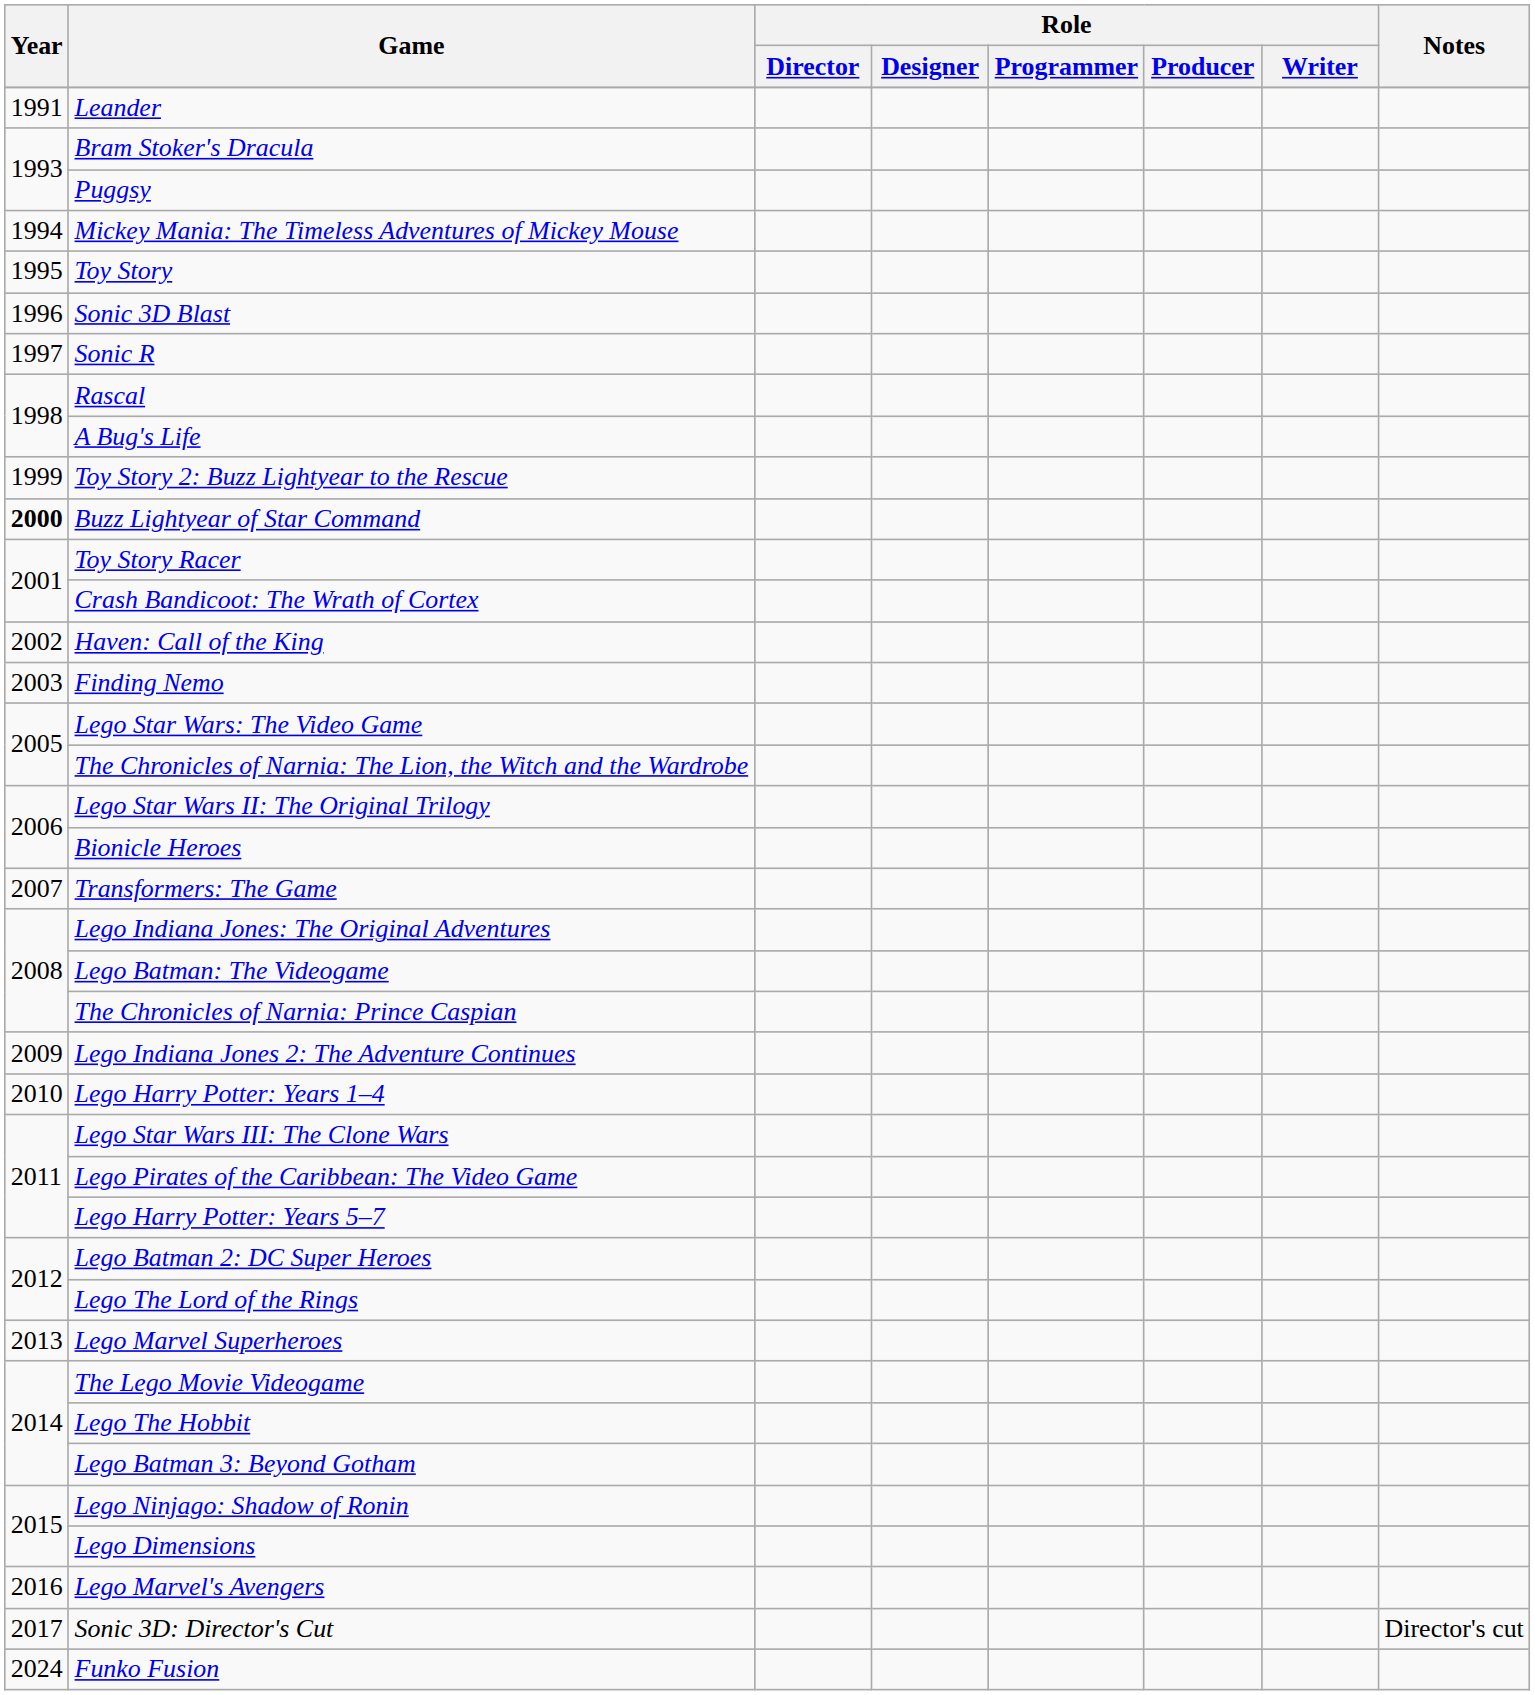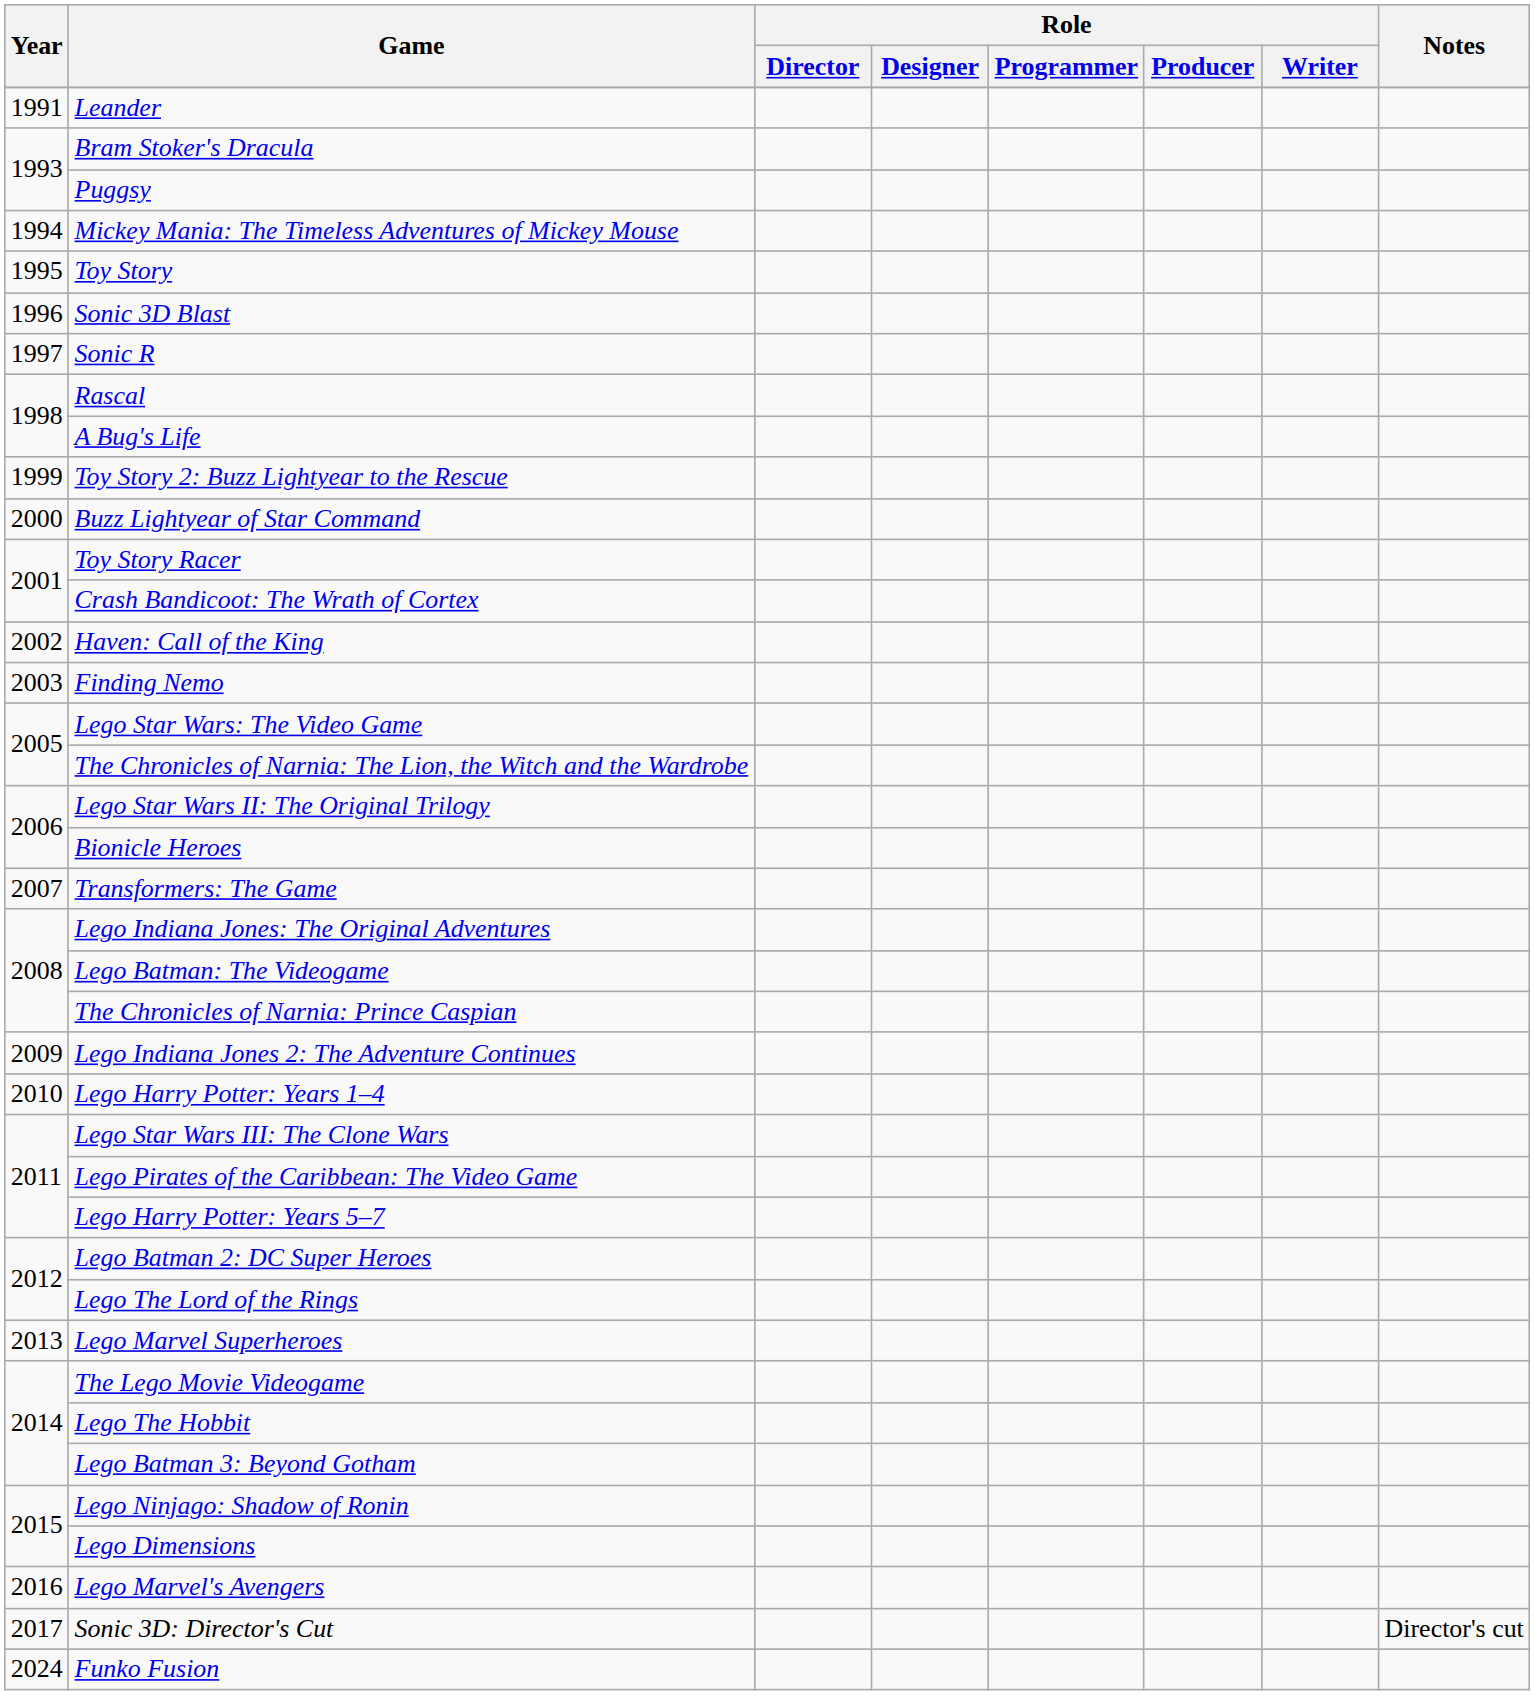 <table class="wikitable sortable">
 <tr>
 <th scope="col" rowspan="2">Year</th>
 <th scope="col" rowspan="2">Game</th>
 <th scope="col" colspan="5">Role</th>
 <th scope="col" rowspan="2" class="unsortable">Notes</th>
 </tr>
 <tr>
 <th width="65"><a href='#'>Director</a></th>
 <th width="65"><a href='#'>Designer</a></th>
 <th width="65"><a href='#'>Programmer</a></th>
 <th width="65"><a href='#'>Producer</a></th>
 <th width="65"><a href='#'>Writer</a></th>
 </tr>
 <tr>
 </tr>
 <tr>
 <td>1991</td>
 <td><em><a href='#'>Leander</a></em></td>
 <td></td>
 <td></td>
 <td></td>
 <td></td>
 <td></td>
 <td></td>
 </tr>
 <tr>
 <td rowspan=2>1993</td>
 <td><em><a href='#'>Bram Stoker's Dracula</a></em></td>
 <td></td>
 <td></td>
 <td></td>
 <td></td>
 <td></td>
 <td></td>
 </tr>
 <tr>
 <td><em><a href='#'>Puggsy</a></em></td>
 <td></td>
 <td></td>
 <td></td>
 <td></td>
 <td></td>
 <td></td>
 </tr>
 <tr>
 <td>1994</td>
 <td><em><a href='#'>Mickey Mania: The Timeless Adventures of Mickey Mouse</a></em></td>
 <td></td>
 <td></td>
 <td></td>
 <td></td>
 <td></td>
 <td></td>
 </tr>
 <tr>
 <td>1995</td>
 <td><em><a href='#'>Toy Story</a></em></td>
 <td></td>
 <td></td>
 <td></td>
 <td></td>
 <td></td>
 <td></td>
 </tr>
 <tr>
 <td>1996</td>
 <td><em><a href='#'>Sonic 3D Blast</a></em></td>
 <td></td>
 <td></td>
 <td></td>
 <td></td>
 <td></td>
 <td></td>
 </tr>
 <tr>
 <td>1997</td>
 <td><em><a href='#'>Sonic R</a></em></td>
 <td></td>
 <td></td>
 <td></td>
 <td></td>
 <td></td>
 <td></td>
 </tr>
 <tr>
 <td rowspan=2>1998</td>
 <td><em><a href='#'>Rascal</a></em></td>
 <td></td>
 <td></td>
 <td></td>
 <td></td>
 <td></td>
 <td></td>
 </tr>
 <tr>
 <td><em><a href='#'>A Bug's Life</a></em></td>
 <td></td>
 <td></td>
 <td></td>
 <td></td>
 <td></td>
 <td></td>
 </tr>
 <tr>
 <td>1999</td>
 <td><em><a href='#'>Toy Story 2: Buzz Lightyear to the Rescue</a></em></td>
 <td></td>
 <td></td>
 <td></td>
 <td></td>
 <td></td>
 <td></td>
 </tr>
 <tr>
-<td><strong>2000</strong></td>
+<td>2000</td>
 <td><em><a href='#'>Buzz Lightyear of Star Command</a></em></td>
 <td></td>
 <td></td>
 <td></td>
 <td></td>
 <td></td>
 <td></td>
 </tr>
 <tr>
 <td rowspan=2>2001</td>
 <td><em><a href='#'>Toy Story Racer</a></em></td>
 <td></td>
 <td></td>
 <td></td>
 <td></td>
 <td></td>
 <td></td>
 </tr>
 <tr>
 <td><em><a href='#'>Crash Bandicoot: The Wrath of Cortex</a></em></td>
 <td></td>
 <td></td>
 <td></td>
 <td></td>
 <td></td>
 <td></td>
 </tr>
 <tr>
 <td>2002</td>
 <td><em><a href='#'>Haven: Call of the King</a></em></td>
 <td></td>
 <td></td>
 <td></td>
 <td></td>
 <td></td>
 <td></td>
 </tr>
 <tr>
 <td>2003</td>
 <td><em><a href='#'>Finding Nemo</a></em></td>
 <td></td>
 <td></td>
 <td></td>
 <td></td>
 <td></td>
 <td></td>
 </tr>
 <tr>
 <td rowspan=2>2005</td>
 <td><em><a href='#'>Lego Star Wars: The Video Game</a></em></td>
 <td></td>
 <td></td>
 <td></td>
 <td></td>
 <td></td>
 <td></td>
 </tr>
 <tr>
 <td><em><a href='#'>The Chronicles of Narnia: The Lion, the Witch and the Wardrobe</a></em></td>
 <td></td>
 <td></td>
 <td></td>
 <td></td>
 <td></td>
 <td></td>
 </tr>
 <tr>
 <td rowspan=2>2006</td>
 <td><em><a href='#'>Lego Star Wars II: The Original Trilogy</a></em></td>
 <td></td>
 <td></td>
 <td></td>
 <td></td>
 <td></td>
 <td></td>
 </tr>
 <tr>
 <td><em><a href='#'>Bionicle Heroes</a></em></td>
 <td></td>
 <td></td>
 <td></td>
 <td></td>
 <td></td>
 <td></td>
 </tr>
 <tr>
 <td>2007</td>
 <td><em><a href='#'>Transformers: The Game</a></em></td>
 <td></td>
 <td></td>
 <td></td>
 <td></td>
 <td></td>
 <td></td>
 </tr>
 <tr>
 <td rowspan=3>2008</td>
 <td><em><a href='#'>Lego Indiana Jones: The Original Adventures</a></em></td>
 <td></td>
 <td></td>
 <td></td>
 <td></td>
 <td></td>
 <td></td>
 </tr>
 <tr>
 <td><em><a href='#'>Lego Batman: The Videogame</a></em></td>
 <td></td>
 <td></td>
 <td></td>
 <td></td>
 <td></td>
 <td></td>
 </tr>
 <tr>
 <td><em><a href='#'>The Chronicles of Narnia: Prince Caspian</a></em></td>
 <td></td>
 <td></td>
 <td></td>
 <td></td>
 <td></td>
 <td></td>
 </tr>
 <tr>
 <td>2009</td>
 <td><em><a href='#'>Lego Indiana Jones 2: The Adventure Continues</a></em></td>
 <td></td>
 <td></td>
 <td></td>
 <td></td>
 <td></td>
 <td></td>
 </tr>
 <tr>
 <td>2010</td>
 <td><em><a href='#'>Lego Harry Potter: Years 1–4</a></em></td>
 <td></td>
 <td></td>
 <td></td>
 <td></td>
 <td></td>
 <td></td>
 </tr>
 <tr>
 <td rowspan=3>2011</td>
 <td><em><a href='#'>Lego Star Wars III: The Clone Wars</a></em></td>
 <td></td>
 <td></td>
 <td></td>
 <td></td>
 <td></td>
 <td></td>
 </tr>
 <tr>
 <td><em><a href='#'>Lego Pirates of the Caribbean: The Video Game</a></em></td>
 <td></td>
 <td></td>
 <td></td>
 <td></td>
 <td></td>
 <td></td>
 </tr>
 <tr>
 <td><em><a href='#'>Lego Harry Potter: Years 5–7</a></em></td>
 <td></td>
 <td></td>
 <td></td>
 <td></td>
 <td></td>
 <td></td>
 </tr>
 <tr>
 <td rowspan="2">2012</td>
 <td><em><a href='#'>Lego Batman 2: DC Super Heroes</a></em></td>
 <td></td>
 <td></td>
 <td></td>
 <td></td>
 <td></td>
 <td></td>
 </tr>
 <tr>
 <td><em><a href='#'>Lego The Lord of the Rings</a></em></td>
 <td></td>
 <td></td>
 <td></td>
 <td></td>
 <td></td>
 <td></td>
 </tr>
 <tr>
 <td>2013</td>
 <td><em><a href='#'>Lego Marvel Superheroes</a></em></td>
 <td></td>
 <td></td>
 <td></td>
 <td></td>
 <td></td>
 <td></td>
 </tr>
 <tr>
 <td rowspan=3>2014</td>
 <td><em><a href='#'>The Lego Movie Videogame</a></em></td>
 <td></td>
 <td></td>
 <td></td>
 <td></td>
 <td></td>
 <td></td>
 </tr>
 <tr>
 <td><em><a href='#'>Lego The Hobbit</a></em></td>
 <td></td>
 <td></td>
 <td></td>
 <td></td>
 <td></td>
 <td></td>
 </tr>
 <tr>
 <td><em><a href='#'>Lego Batman 3: Beyond Gotham</a></em></td>
 <td></td>
 <td></td>
 <td></td>
 <td></td>
 <td></td>
 <td></td>
 </tr>
 <tr>
 <td rowspan="2">2015</td>
 <td><em><a href='#'>Lego Ninjago: Shadow of Ronin</a></em></td>
 <td></td>
 <td></td>
 <td></td>
 <td></td>
 <td></td>
 <td></td>
 </tr>
 <tr>
 <td><em><a href='#'>Lego Dimensions</a></em></td>
 <td></td>
 <td></td>
 <td></td>
 <td></td>
 <td></td>
 <td></td>
 </tr>
 <tr>
 <td>2016</td>
 <td><em><a href='#'>Lego Marvel's Avengers</a></em></td>
 <td></td>
 <td></td>
 <td></td>
 <td></td>
 <td></td>
 <td></td>
 </tr>
 <tr>
 <td>2017</td>
 <td><em>Sonic 3D: Director's Cut</em></td>
 <td></td>
 <td></td>
 <td></td>
 <td></td>
 <td></td>
 <td>Director's cut</td>
 </tr>
 <tr>
 <td>2024</td>
 <td><em><a href='#'>Funko Fusion</a></em></td>
 <td></td>
 <td></td>
 <td></td>
 <td></td>
 <td></td>
 <td></td>
 </tr>
 </table>
